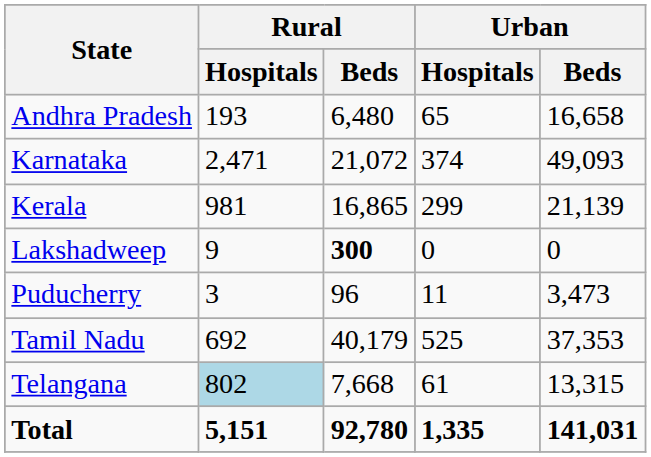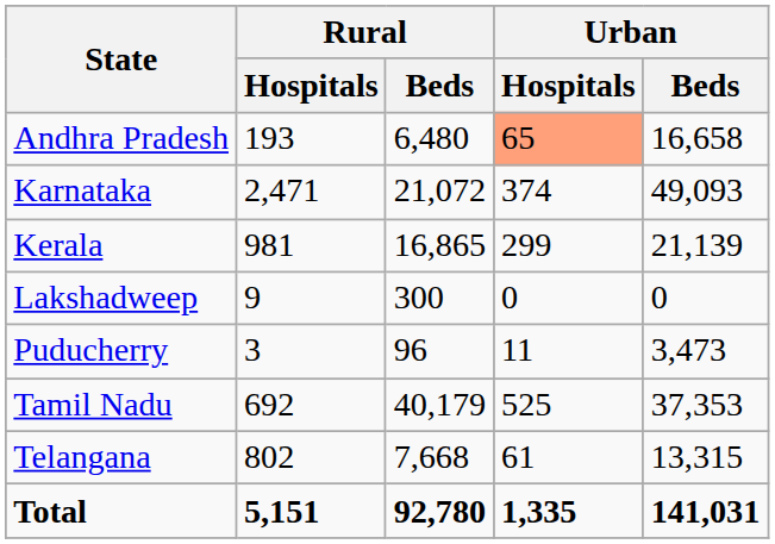 <table class="sortable wikitable" style="text-align:left;" style="font-size: 85%">
 <tr>
 <th rowspan="2">State</th>
 <th colspan="2">Rural</th>
 <th colspan="2">Urban</th>
 </tr>
 <tr>
 <th>Hospitals</th>
 <th>Beds</th>
 <th>Hospitals</th>
 <th>Beds</th>
 </tr>
 <tr>
 <td><a href='#'>Andhra Pradesh</a></td>
 <td>193</td>
 <td>6,480</td>
-<td>65</td>
+<td style="background: lightsalmon;">65</td>
 <td>16,658</td>
 </tr>
 <tr>
 <td><a href='#'>Karnataka</a></td>
 <td>2,471</td>
 <td>21,072</td>
 <td>374</td>
 <td>49,093</td>
 </tr>
 <tr>
 <td><a href='#'>Kerala</a></td>
 <td>981</td>
 <td>16,865</td>
 <td>299</td>
 <td>21,139</td>
 </tr>
 <tr>
 <td><a href='#'>Lakshadweep</a></td>
 <td>9</td>
-<td><strong>300</strong></td>
+<td>300</td>
 <td>0</td>
 <td>0</td>
 </tr>
 <tr>
 <td><a href='#'>Puducherry</a></td>
 <td>3</td>
 <td>96</td>
 <td>11</td>
 <td>3,473</td>
 </tr>
 <tr>
 <td><a href='#'>Tamil Nadu</a></td>
 <td>692</td>
 <td>40,179</td>
 <td>525</td>
 <td>37,353</td>
 </tr>
 <tr>
 <td><a href='#'>Telangana</a></td>
-<td style="background: lightblue;">802</td>
+<td>802</td>
 <td>7,668</td>
 <td>61</td>
 <td>13,315</td>
 </tr>
 <tr>
 <td><strong>Total</strong></td>
 <td><strong>5,151</strong></td>
 <td><strong>92,780</strong></td>
 <td><strong>1,335</strong></td>
 <td><strong>141,031</strong></td>
 </tr>
 </table>
